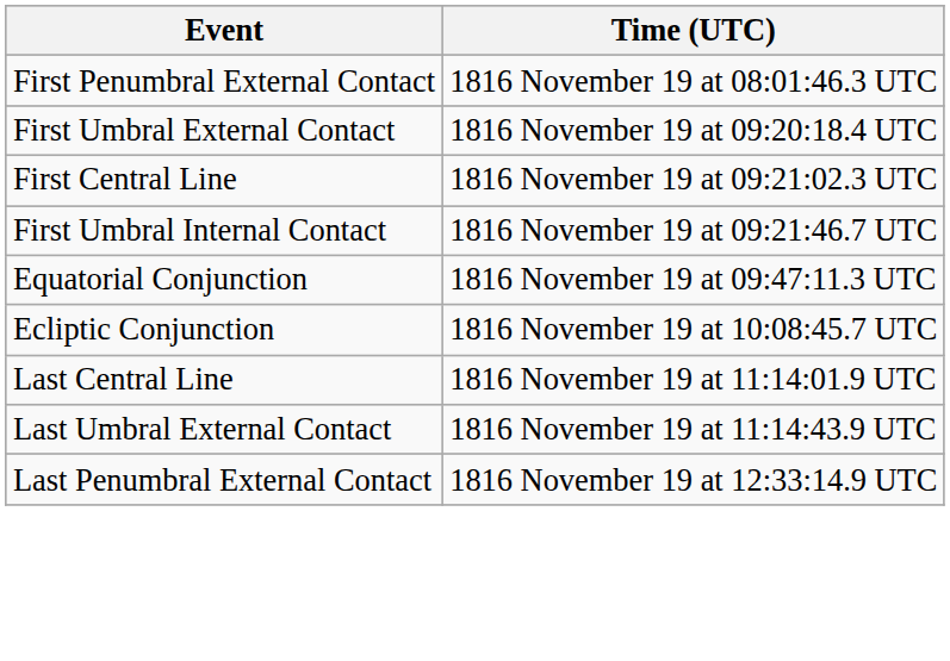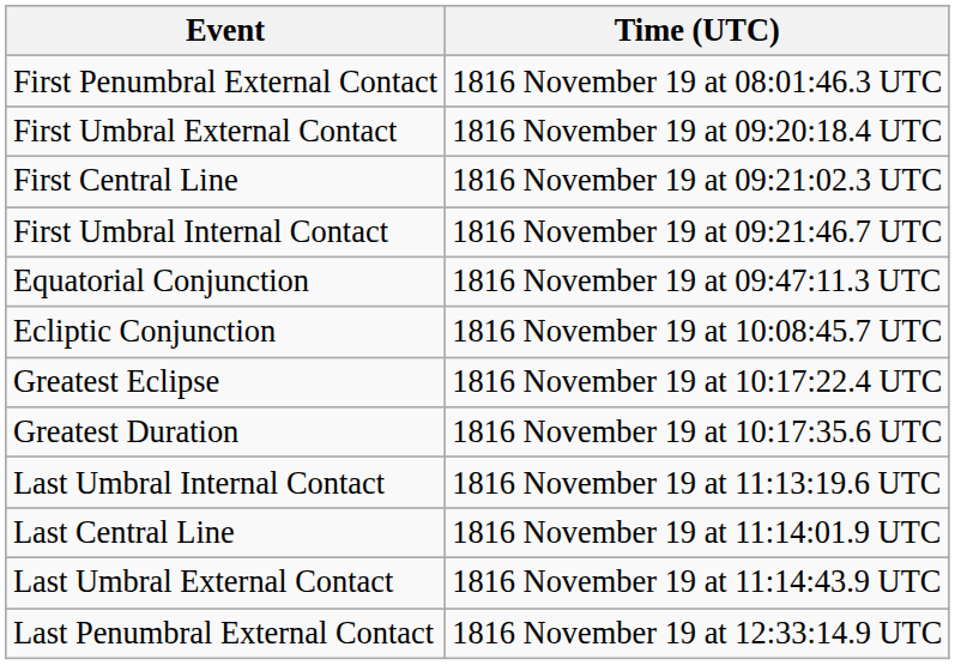 <table class="wikitable">
 <tr>
 <th>Event</th>
 <th>Time (UTC)</th>
 </tr>
 <tr>
 <td>First Penumbral External Contact</td>
 <td>1816 November 19 at 08:01:46.3 UTC</td>
 </tr>
 <tr>
 <td>First Umbral External Contact</td>
 <td>1816 November 19 at 09:20:18.4 UTC</td>
 </tr>
 <tr>
 <td>First Central Line</td>
 <td>1816 November 19 at 09:21:02.3 UTC</td>
 </tr>
 <tr>
 <td>First Umbral Internal Contact</td>
 <td>1816 November 19 at 09:21:46.7 UTC</td>
 </tr>
 <tr>
 <td>Equatorial Conjunction</td>
 <td>1816 November 19 at 09:47:11.3 UTC</td>
 </tr>
 <tr>
 <td>Ecliptic Conjunction</td>
 <td>1816 November 19 at 10:08:45.7 UTC</td>
 </tr>
 <tr>
+<td>Greatest Eclipse</td>
+<td>1816 November 19 at 10:17:22.4 UTC</td>
+</tr>
+<tr>
+<td>Greatest Duration</td>
+<td>1816 November 19 at 10:17:35.6 UTC</td>
+</tr>
+<tr>
+<td>Last Umbral Internal Contact</td>
+<td>1816 November 19 at 11:13:19.6 UTC</td>
+</tr>
+<tr>
 <td>Last Central Line</td>
 <td>1816 November 19 at 11:14:01.9 UTC</td>
 </tr>
 <tr>
 <td>Last Umbral External Contact</td>
 <td>1816 November 19 at 11:14:43.9 UTC</td>
 </tr>
 <tr>
 <td>Last Penumbral External Contact</td>
 <td>1816 November 19 at 12:33:14.9 UTC</td>
 </tr>
 </table>
